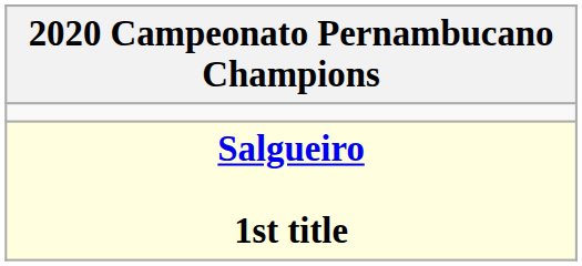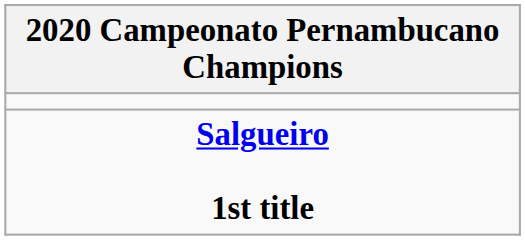 <table class="wikitable" style="text-align: center; margin: 0 auto; width: 20%">
 <tr>
 <th>2020 Campeonato Pernambucano Champions</th>
 </tr>
 <tr>
 <td></td>
 </tr>
 <tr>
-<td style="background: lightyellow;"><strong><a href='#'>Salgueiro</a></strong><br><br><strong>1st title</strong></td>
+<td><strong><a href='#'>Salgueiro</a></strong><br><br><strong>1st title</strong></td>
 </tr>
 </table>
